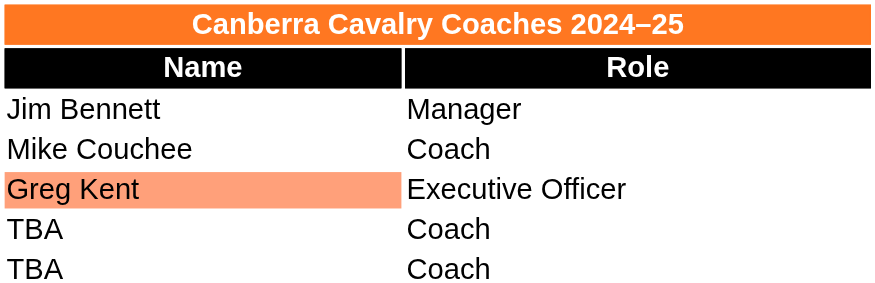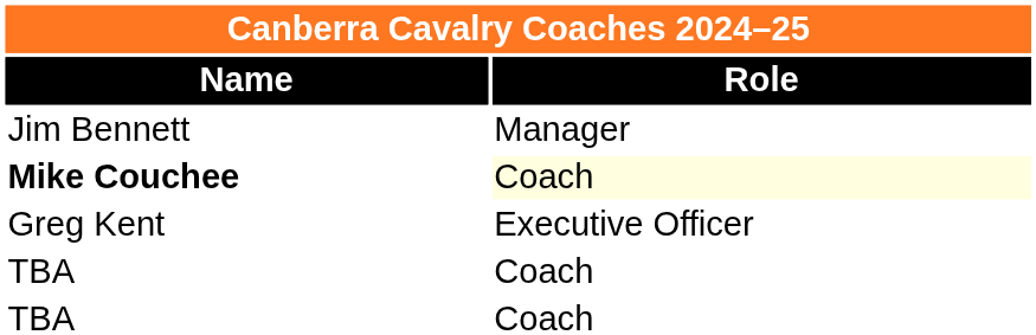 <table class="toccolours" style="width:30em">
 <tr>
 <th colspan="3" style="background:#FF7721;color:white;border:#FF7721 1px solid">Canberra Cavalry Coaches 2024–25</th>
 </tr>
 <tr>
 <th style="background:#000000;color:white;border:#000000 1px solid">Name</th>
 <th style="background:#000000;color:white;border:#000000 1px solid">Role</th>
 </tr>
 <tr>
 <td> Jim Bennett</td>
 <td>Manager</td>
 </tr>
 <tr>
-<td> Mike Couchee</td>
-<td>Coach</td>
+<td><strong> Mike Couchee</strong></td>
+<td style="background: lightyellow;">Coach</td>
 </tr>
 <tr>
-<td style="background: lightsalmon;"> Greg Kent</td>
+<td> Greg Kent</td>
 <td>Executive Officer</td>
 </tr>
 <tr>
 <td>TBA</td>
 <td>Coach</td>
 </tr>
 <tr>
 <td>TBA</td>
 <td>Coach</td>
 </tr>
 <tr>
 </tr>
 </table>
